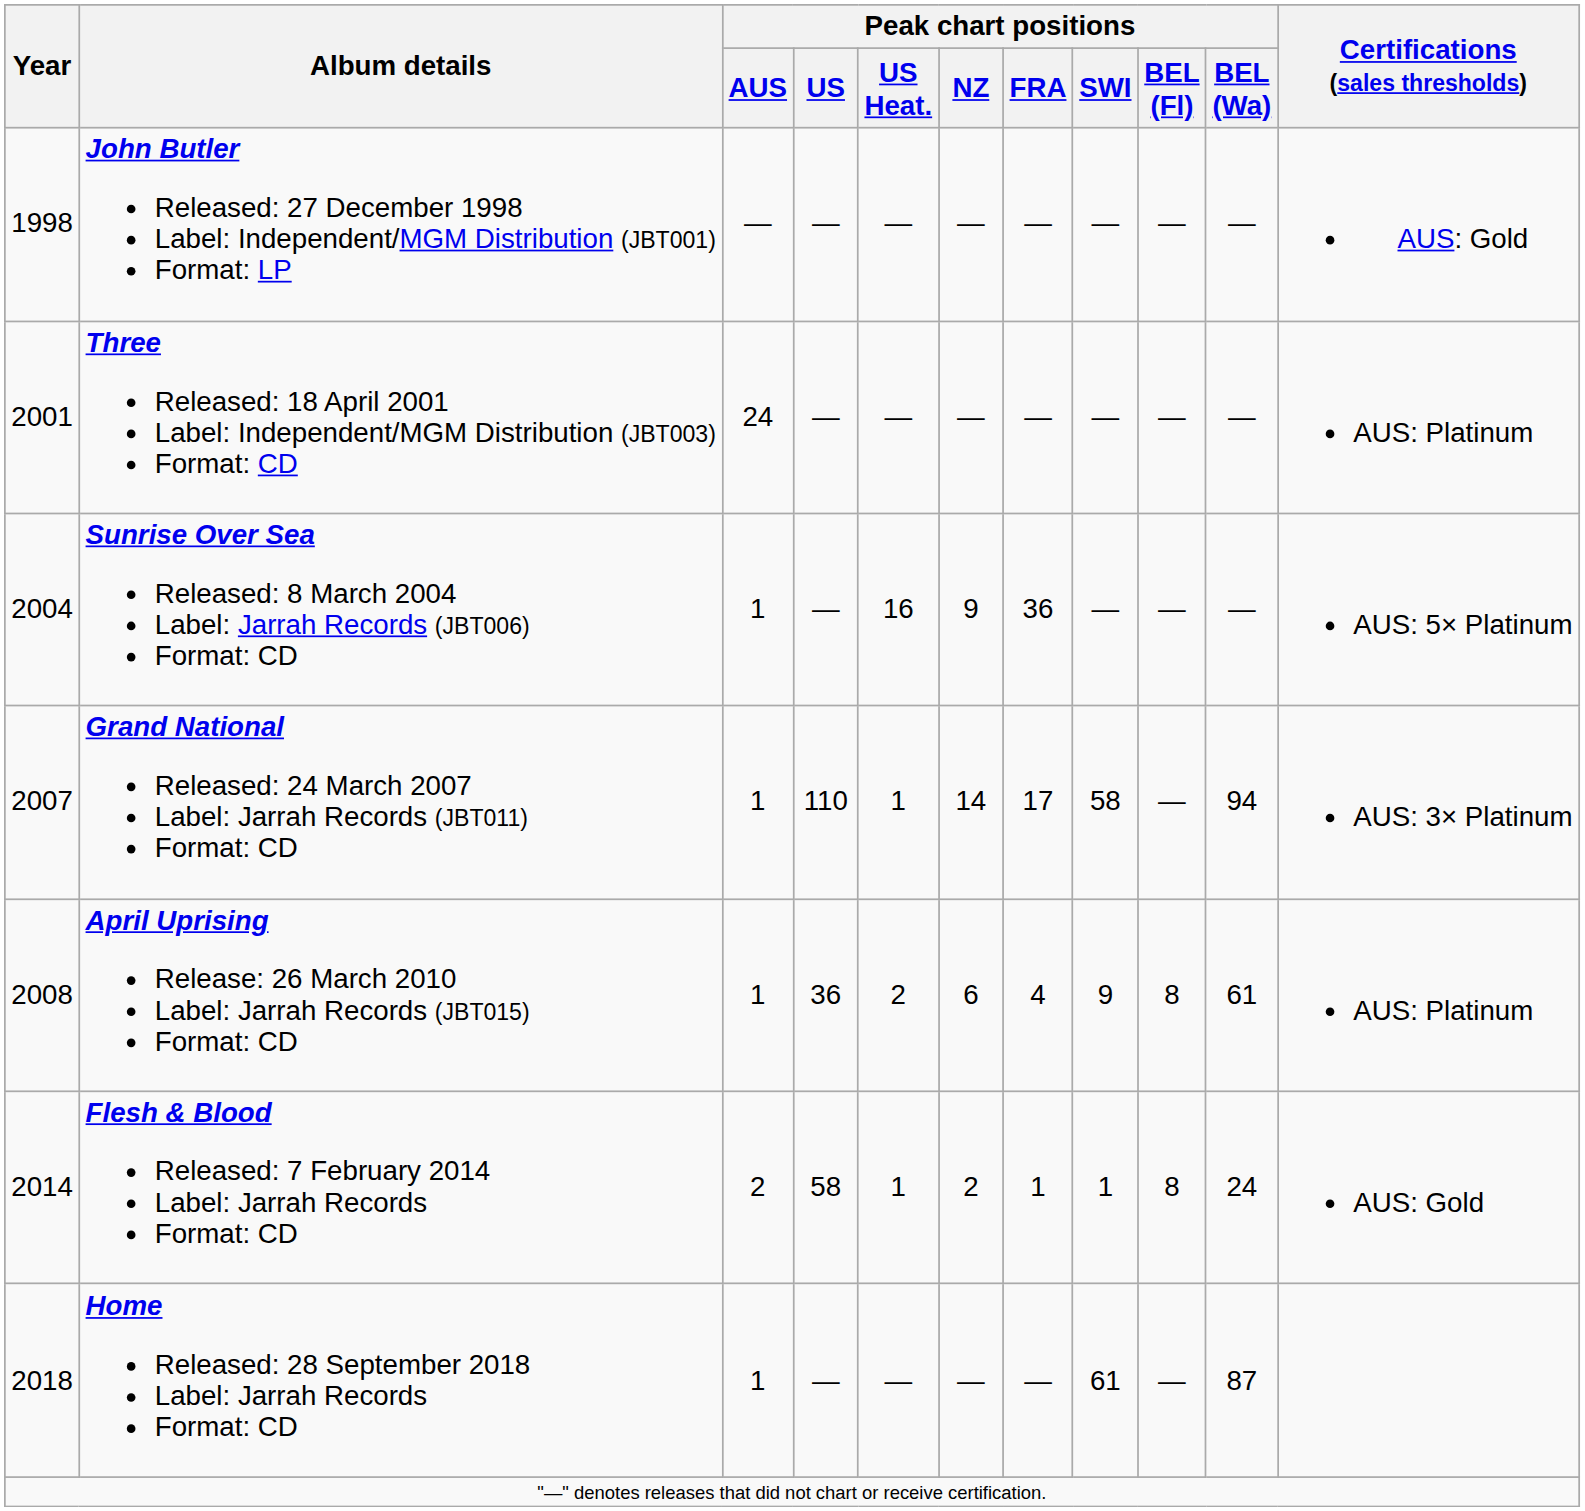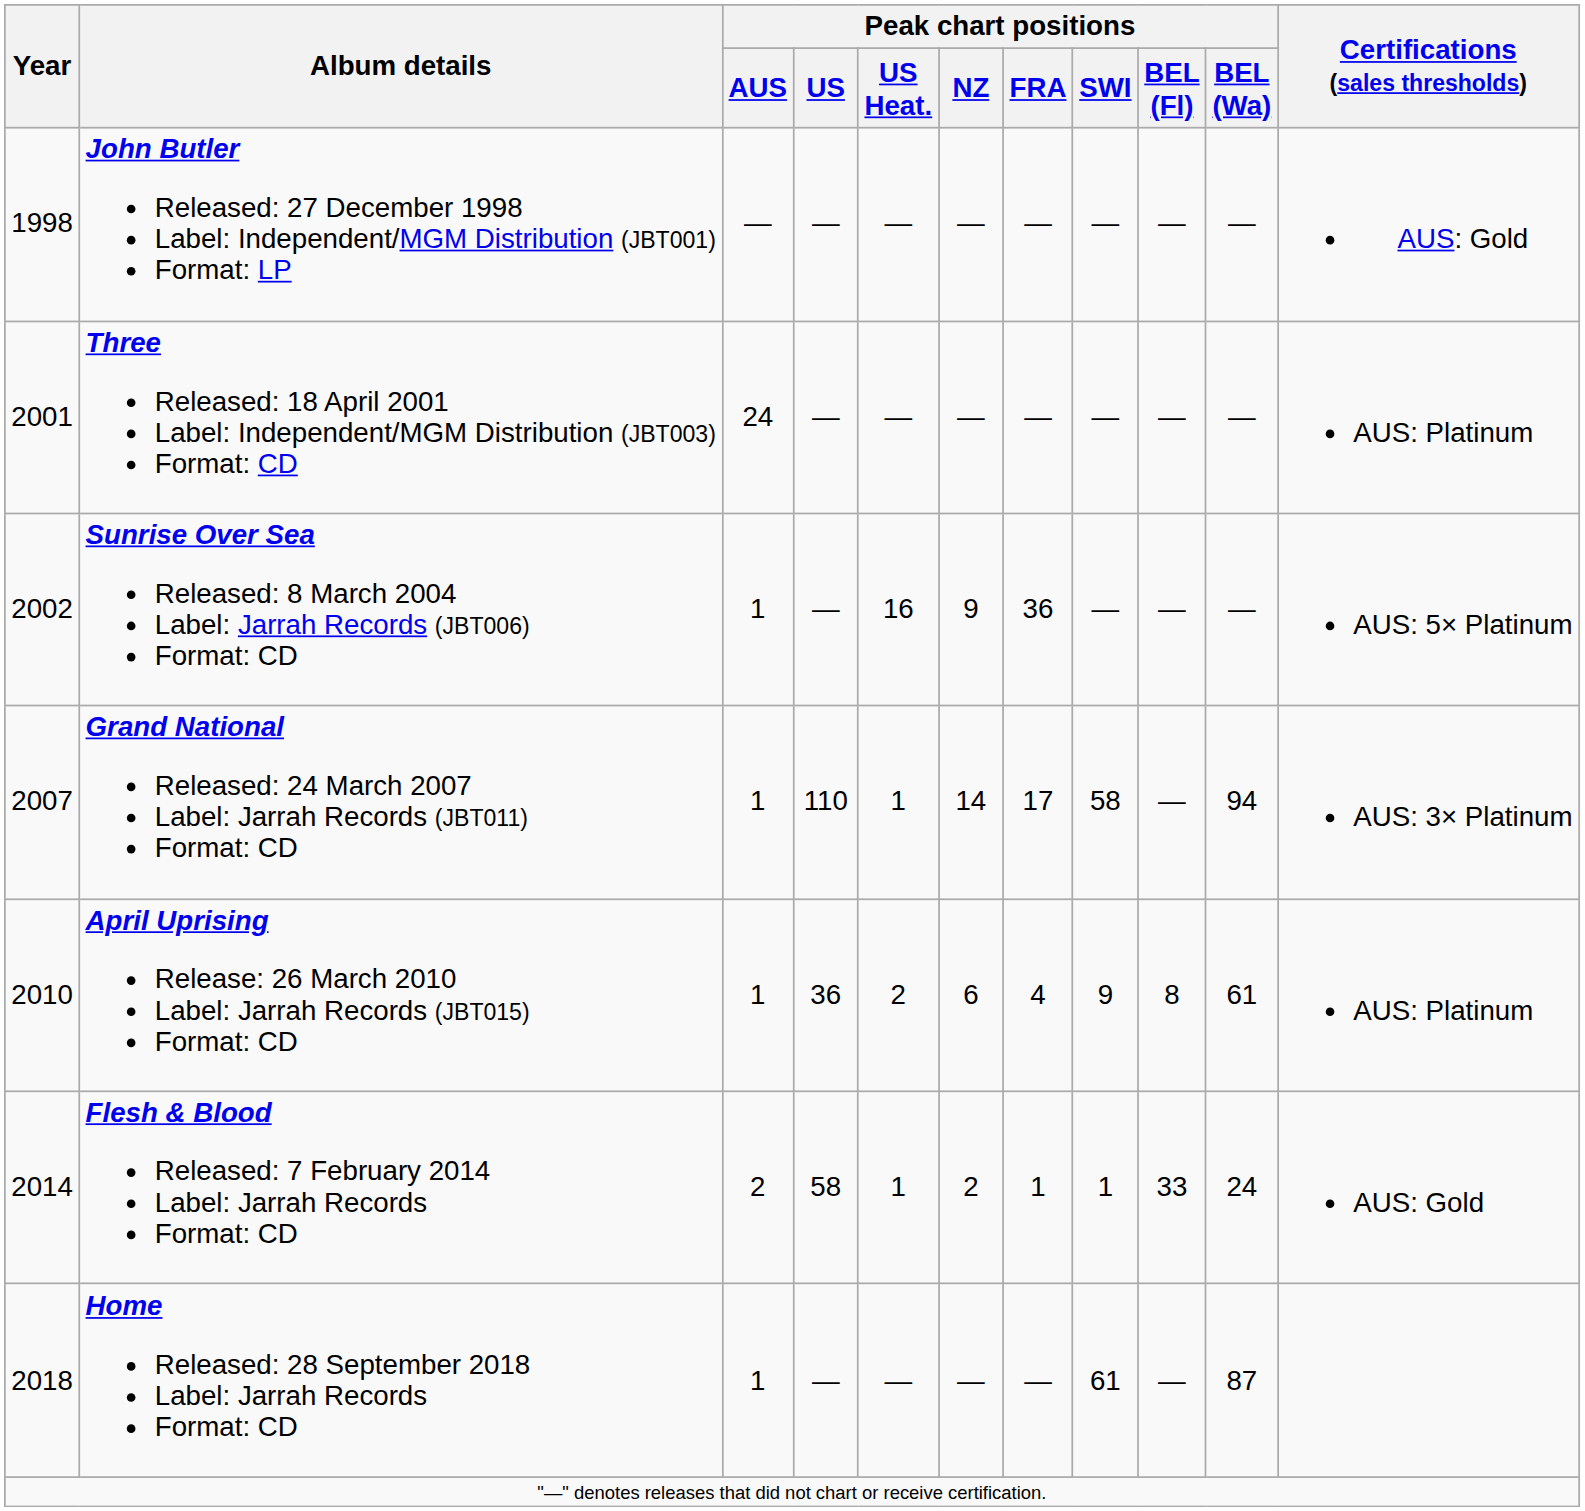 <table class="wikitable">
 <tr>
 <th rowspan="2">Year</th>
 <th rowspan="2">Album details</th>
 <th colspan="8">Peak chart positions</th>
 <th rowspan="2"><a href='#'>Certifications</a><br><small>(<a href='#'>sales thresholds</a>)</small></th>
 </tr>
 <tr style="line-height:1.2">
 <th style="width:30px;"><a href='#'>AUS</a><br></th>
 <th style="width:30px;"><a href='#'>US</a><br></th>
 <th style="width:30px;"><a href='#'>US<br>Heat.</a><br></th>
 <th style="width:30px;"><a href='#'>NZ</a><br></th>
 <th style="width:30px;"><a href='#'>FRA</a><br></th>
 <th style="width:30px;"><a href='#'>SWI</a><br></th>
 <th style="width:30px;"><a href='#'>BEL<br>(Fl)</a><br></th>
 <th style="width:30px;"><a href='#'>BEL<br>(Wa)</a><br></th>
 </tr>
 <tr>
 <td>1998</td>
 <td><strong><em><a href='#'>John Butler</a></em></strong><br><ul><li>Released: 27 December 1998</li><li>Label: Independent/<a href='#'>MGM Distribution</a> <small>(JBT001)</small></li><li>Format: <a href='#'>LP</a></li></ul></td>
 <td style="text-align:center;">—</td>
 <td style="text-align:center;">—</td>
 <td style="text-align:center;">—</td>
 <td style="text-align:center;">—</td>
 <td style="text-align:center;">—</td>
 <td style="text-align:center;">—</td>
 <td style="text-align:center;">—</td>
 <td style="text-align:center;">—</td>
 <td style="text-align:center;"><br><ul><li><a href='#'>AUS</a>: Gold</li></ul></td>
 </tr>
 <tr>
 <td>2001</td>
 <td><strong><em><a href='#'>Three</a></em></strong><br><ul><li>Released: 18 April 2001</li><li>Label: Independent/MGM Distribution <small>(JBT003)</small></li><li>Format: <a href='#'>CD</a></li></ul></td>
 <td style="text-align:center;">24</td>
 <td style="text-align:center;">—</td>
 <td style="text-align:center;">—</td>
 <td style="text-align:center;">—</td>
 <td style="text-align:center;">—</td>
 <td style="text-align:center;">—</td>
 <td style="text-align:center;">—</td>
 <td style="text-align:center;">—</td>
 <td><br><ul><li>AUS: Platinum</li></ul></td>
 </tr>
 <tr>
-<td>2004</td>
+<td>2002</td>
 <td><strong><em><a href='#'>Sunrise Over Sea</a></em></strong><br><ul><li>Released: 8 March 2004</li><li>Label: <a href='#'>Jarrah Records</a> <small>(JBT006)</small></li><li>Format: CD</li></ul></td>
 <td style="text-align:center;">1</td>
 <td style="text-align:center;">—</td>
 <td style="text-align:center;">16</td>
 <td style="text-align:center;">9</td>
 <td style="text-align:center;">36</td>
 <td style="text-align:center;">—</td>
 <td style="text-align:center;">—</td>
 <td style="text-align:center;">—</td>
 <td><br><ul><li>AUS: 5× Platinum</li></ul></td>
 </tr>
 <tr>
 <td>2007</td>
 <td><strong><em><a href='#'>Grand National</a></em></strong><br><ul><li>Released: 24 March 2007</li><li>Label: Jarrah Records <small>(JBT011)</small></li><li>Format: CD</li></ul></td>
 <td style="text-align:center;">1</td>
 <td style="text-align:center;">110</td>
 <td style="text-align:center;">1</td>
 <td style="text-align:center;">14</td>
 <td style="text-align:center;">17</td>
 <td style="text-align:center;">58</td>
 <td style="text-align:center;">—</td>
 <td style="text-align:center;">94</td>
 <td><br><ul><li>AUS: 3× Platinum</li></ul></td>
 </tr>
 <tr>
-<td>2008</td>
+<td>2010</td>
 <td><strong><em><a href='#'>April Uprising</a></em></strong><br><ul><li>Release: 26 March 2010</li><li>Label: Jarrah Records <small>(JBT015)</small></li><li>Format: CD</li></ul></td>
 <td style="text-align:center;">1</td>
 <td style="text-align:center;">36</td>
 <td style="text-align:center;">2</td>
 <td style="text-align:center;">6</td>
 <td style="text-align:center;">4</td>
 <td style="text-align:center;">9</td>
 <td style="text-align:center;">8</td>
 <td style="text-align:center;">61</td>
 <td><br><ul><li>AUS: Platinum</li></ul></td>
 </tr>
 <tr>
 <td>2014</td>
 <td><strong><em><a href='#'>Flesh & Blood</a></em></strong><br><ul><li>Released: 7 February 2014</li><li>Label: Jarrah Records</li><li>Format: CD</li></ul></td>
 <td style="text-align:center;">2</td>
 <td style="text-align:center;">58</td>
 <td style="text-align:center;">1</td>
 <td style="text-align:center;">2</td>
 <td style="text-align:center;">1</td>
 <td style="text-align:center;">1</td>
-<td style="text-align:center;">8</td>
+<td style="text-align:center;">33</td>
 <td style="text-align:center;">24</td>
 <td><br><ul><li>AUS: Gold</li></ul></td>
 </tr>
 <tr>
 <td>2018</td>
 <td><strong><em><a href='#'>Home</a></em></strong><br><ul><li>Released: 28 September 2018</li><li>Label: Jarrah Records</li><li>Format: CD</li></ul></td>
 <td style="text-align:center;">1<br></td>
 <td style="text-align:center;">—</td>
 <td style="text-align:center;">—</td>
 <td style="text-align:center;">—</td>
 <td style="text-align:center;">—</td>
 <td style="text-align:center;">61</td>
 <td style="text-align:center;">—</td>
 <td style="text-align:center;">87</td>
 <td></td>
 </tr>
 <tr>
 <td colspan="12" style="text-align:center; font-size:8pt;">"—" denotes releases that did not chart or receive certification.</td>
 </tr>
 </table>
